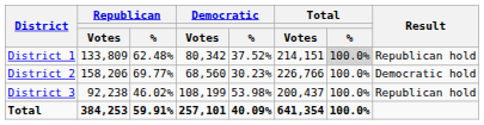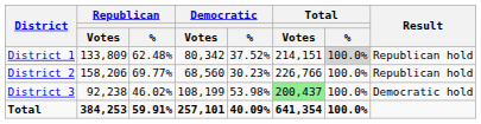 <table class="wikitable plainrowheaders sortable" style="text-align:right;">
 <tr>
 <th scope=col rowspan=3><a href='#'>District</a></th>
 <th scope=col colspan=2><a href='#'>Republican</a></th>
 <th scope=col colspan=2><a href='#'>Democratic</a></th>
 <th scope=col colspan=2>Total</th>
 <th scope=col rowspan=3>Result</th>
 </tr>
 <tr>
 <th scope=col colspan=2 style="background:"></th>
 <th scope=col colspan=2 style="background:"></th>
 <th scope=col colspan=2></th>
 </tr>
 <tr>
 <th scope=col data-sort-type="number">Votes</th>
 <th scope=col data-sort-type="number">%</th>
 <th scope=col data-sort-type="number">Votes</th>
 <th scope=col data-sort-type="number">%</th>
 <th scope=col data-sort-type="number">Votes</th>
 <th scope=col data-sort-type="number">%</th>
 </tr>
 <tr>
 <td align=left><a href='#'>District 1</a></td>
 <td>133,809</td>
 <td>62.48%</td>
 <td>80,342</td>
 <td>37.52%</td>
 <td>214,151</td>
 <td style="background: lightgrey;">100.0%</td>
 <td>Republican hold</td>
 </tr>
 <tr>
 <td align=left><a href='#'>District 2</a></td>
 <td>158,206</td>
 <td>69.77%</td>
 <td>68,560</td>
 <td>30.23%</td>
 <td>226,766</td>
 <td>100.0%</td>
-<td>Democratic hold</td>
+<td>Republican hold</td>
 </tr>
 <tr>
 <td align=left><a href='#'>District 3</a></td>
 <td>92,238</td>
 <td>46.02%</td>
 <td>108,199</td>
 <td>53.98%</td>
-<td>200,437</td>
+<td style="background: lightgreen;">200,437</td>
 <td>100.0%</td>
-<td>Republican hold</td>
+<td>Democratic hold</td>
 </tr>
 <tr class="sortbottom" style="font-weight:bold">
 <td align=left>Total</td>
 <td>384,253</td>
 <td>59.91%</td>
 <td>257,101</td>
 <td>40.09%</td>
 <td>641,354</td>
 <td>100.0%</td>
 <td></td>
 </tr>
 </table>
